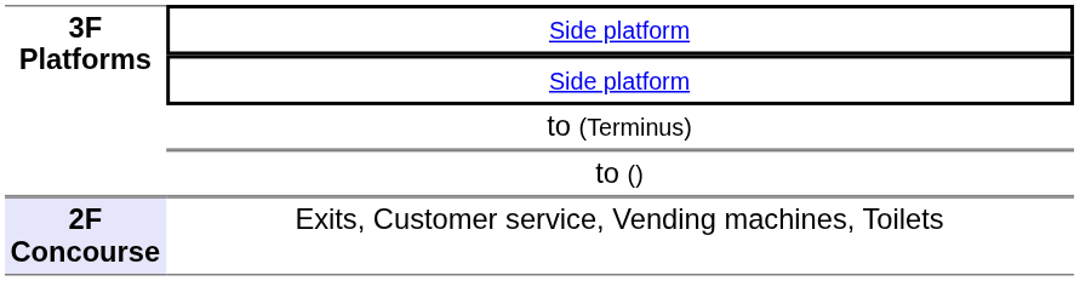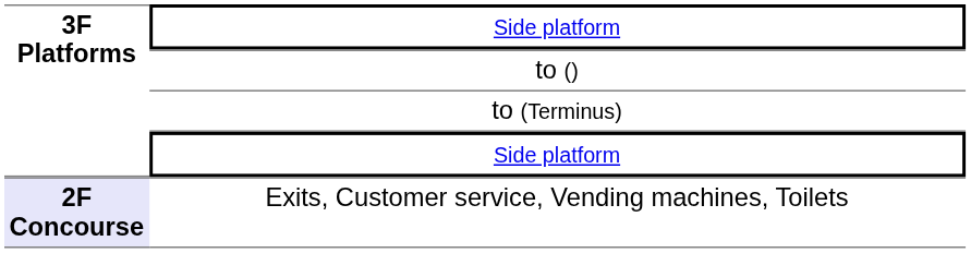 <table table border=0 cellspacing=0 cellpadding=3>
 <tr>
 <td style="border-bottom:solid 1px gray;border-top:solid 1px gray;text-align:center" rowspan="4" valign=top width=50><strong>3F<br>Platforms</strong></td>
 <td style="border-right:solid 2px black;border-left:solid 2px black;border-top:solid 2px black;border-bottom:solid 2px black;text-align:center;"><small><a href='#'>Side platform</a></small></td>
 </tr>
 <tr>
-<td style="border-right:solid 2px black;border-left:solid 2px black;border-top:solid 2px black;border-bottom:solid 2px black;text-align:center;"><small><a href='#'>Side platform</a></small></td>
+<td style="border-bottom:solid 1px gray;border-top:solid 1px gray;text-align:center;">  to  <small>()</small></td>
 </tr>
 <tr>
 <td style="border-bottom:solid 1px gray;text-align:center;"> to  <small>(Terminus) </small></td>
 </tr>
 <tr>
-<td style="border-bottom:solid 1px gray;border-top:solid 1px gray;text-align:center;">  to  <small>()</small></td>
+<td style="border-right:solid 2px black;border-left:solid 2px black;border-top:solid 2px black;border-bottom:solid 2px black;text-align:center;"><small><a href='#'>Side platform</a></small></td>
 </tr>
 <tr>
 <td style="background: lavender; border-bottom:solid 1px gray; border-top:solid 1px gray;text-align:center" valign=top><strong>2F<br>Concourse</strong></td>
 <td style="border-bottom:solid 1px gray; border-top:solid 1px gray;text-align:center" valign=top width=500>Exits, Customer service, Vending machines, Toilets</td>
 </tr>
 </table>
